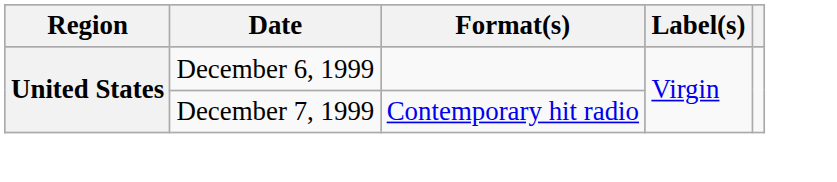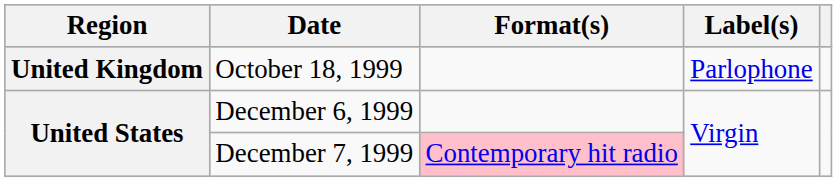 <table class="wikitable plainrowheaders">
 <tr>
 <th scope="col">Region</th>
 <th scope="col">Date</th>
 <th scope="col">Format(s)</th>
 <th scope="col">Label(s)</th>
 <th scope="col"></th>
+</tr>
+<tr>
+<th scope="row">United Kingdom</th>
+<td>October 18, 1999</td>
+<td></td>
+<td><a href='#'>Parlophone</a></td>
+<td align="center"></td>
 </tr>
 <tr>
 <th scope="row" rowspan="2">United States</th>
 <td>December 6, 1999</td>
 <td></td>
 <td rowspan="2"><a href='#'>Virgin</a></td>
 <td rowspan="2" align="center"></td>
 </tr>
 <tr>
 <td>December 7, 1999</td>
-<td><a href='#'>Contemporary hit radio</a></td>
+<td style="background: pink;"><a href='#'>Contemporary hit radio</a></td>
 </tr>
 </table>
